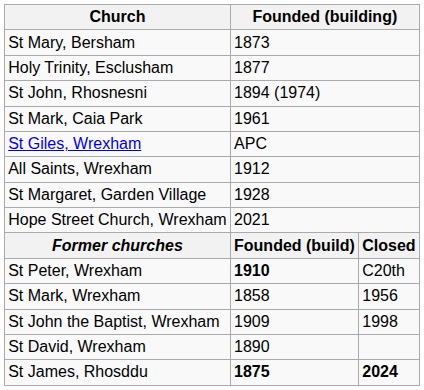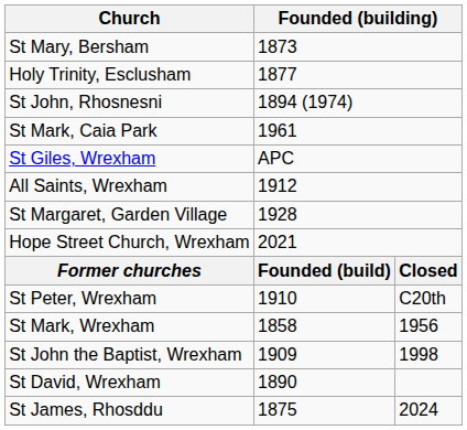 <table class="wikitable">
 <tr>
 <th>Church</th>
 <th colspan="2">Founded (building)</th>
 </tr>
 <tr>
 <td>St Mary, Bersham</td>
 <td colspan="2">1873</td>
 </tr>
 <tr>
 <td>Holy Trinity, Esclusham</td>
 <td colspan="2">1877</td>
 </tr>
 <tr>
 <td>St John, Rhosnesni</td>
 <td colspan="2">1894 (1974)</td>
 </tr>
 <tr>
 <td>St Mark, Caia Park</td>
 <td colspan="2">1961</td>
 </tr>
 <tr>
 <td><a href='#'>St Giles, Wrexham</a></td>
 <td colspan="2">APC</td>
 </tr>
 <tr>
 <td>All Saints, Wrexham</td>
 <td colspan="2">1912</td>
 </tr>
 <tr>
 <td>St Margaret, Garden Village</td>
 <td colspan="2">1928</td>
 </tr>
 <tr>
 <td>Hope Street Church, Wrexham</td>
 <td colspan="2">2021</td>
 </tr>
 <tr>
 <th><em>Former churches</em></th>
 <th>Founded (build)</th>
 <th>Closed</th>
 </tr>
 <tr>
 <td>St Peter, Wrexham</td>
-<td><strong>1910</strong></td>
+<td>1910</td>
 <td>C20th</td>
 </tr>
 <tr>
 <td>St Mark, Wrexham</td>
 <td>1858</td>
 <td>1956</td>
 </tr>
 <tr>
 <td>St John the Baptist, Wrexham</td>
 <td>1909</td>
 <td>1998</td>
 </tr>
 <tr>
 <td>St David, Wrexham</td>
 <td>1890</td>
 <td></td>
 </tr>
 <tr>
 <td>St James, Rhosddu</td>
-<td><strong>1875</strong></td>
-<td><strong>2024</strong></td>
+<td>1875</td>
+<td>2024</td>
 </tr>
 </table>
